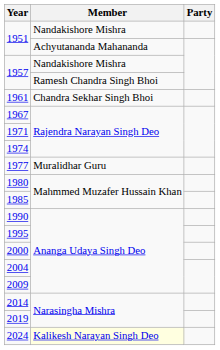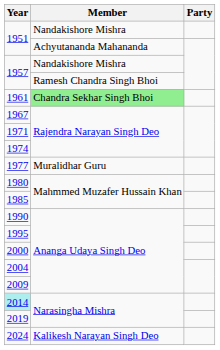 <table class="wikitable">
 <tr>
 <th>Year</th>
 <th>Member</th>
 <th colspan="2">Party</th>
 </tr>
 <tr>
 <td rowspan="2"><a href='#'>1951</a></td>
 <td>Nandakishore Mishra</td>
 <td></td>
 </tr>
 <tr>
 <td>Achyutananda Mahananda</td>
 </tr>
 <tr>
 <td rowspan="2"><a href='#'>1957</a></td>
 <td>Nandakishore Mishra</td>
 </tr>
 <tr>
 <td>Ramesh Chandra Singh Bhoi</td>
 </tr>
 <tr>
 <td><a href='#'>1961</a></td>
-<td>Chandra Sekhar Singh Bhoi</td>
+<td style="background: lightgreen;">Chandra Sekhar Singh Bhoi</td>
 <td></td>
 </tr>
 <tr>
 <td><a href='#'>1967</a></td>
 <td rowspan="3"><a href='#'>Rajendra Narayan Singh Deo</a></td>
 </tr>
 <tr>
 <td><a href='#'>1971</a></td>
 </tr>
 <tr>
 <td><a href='#'>1974</a></td>
 </tr>
 <tr>
 <td><a href='#'>1977</a></td>
 <td>Muralidhar Guru</td>
 <td></td>
 </tr>
 <tr>
 <td><a href='#'>1980</a></td>
 <td rowspan="2">Mahmmed Muzafer Hussain Khan</td>
 <td></td>
 </tr>
 <tr>
 <td><a href='#'>1985</a></td>
 <td></td>
 </tr>
 <tr>
 <td><a href='#'>1990</a></td>
 <td rowspan="5"><a href='#'>Ananga Udaya Singh Deo</a></td>
 <td></td>
 </tr>
 <tr>
 <td><a href='#'>1995</a></td>
 </tr>
 <tr>
 <td><a href='#'>2000</a></td>
 <td></td>
 </tr>
 <tr>
 <td><a href='#'>2004</a></td>
 </tr>
 <tr>
 <td><a href='#'>2009</a></td>
 </tr>
 <tr>
-<td><a href='#'>2014</a></td>
+<td style="background: paleturquoise;"><a href='#'>2014</a></td>
 <td rowspan="2"><a href='#'>Narasingha Mishra</a></td>
 <td></td>
 </tr>
 <tr>
 <td><a href='#'>2019</a></td>
 </tr>
 <tr>
 <td><a href='#'>2024</a></td>
-<td style="background: lightyellow;"><a href='#'>Kalikesh Narayan Singh Deo</a></td>
+<td><a href='#'>Kalikesh Narayan Singh Deo</a></td>
 <td></td>
 </tr>
 </table>
